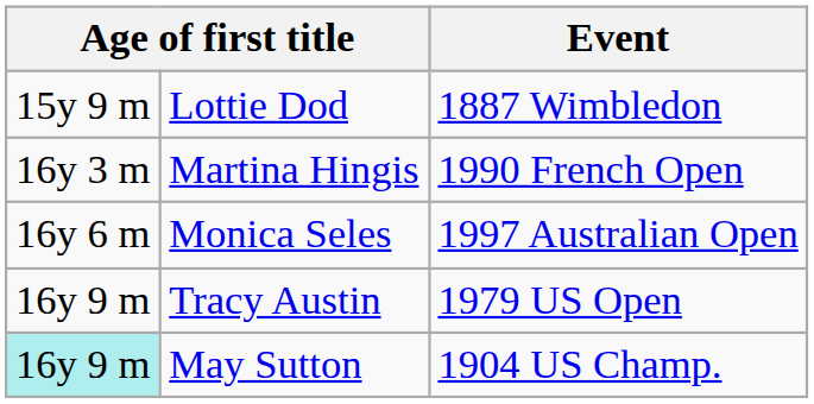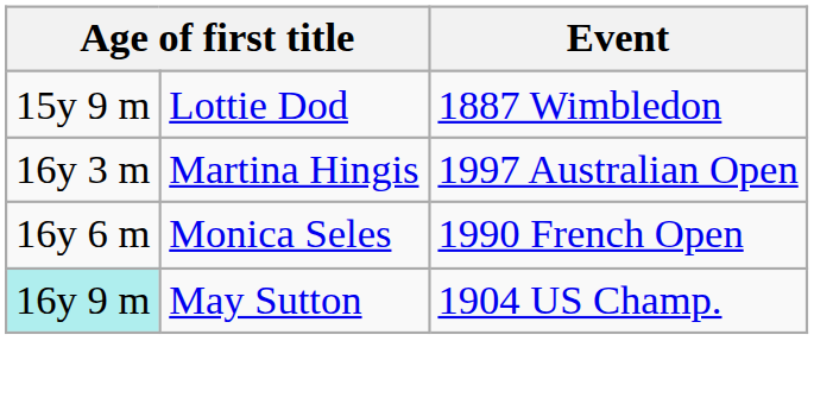 <table class=wikitable style="display:inline-table;">
 <tr>
 <th scope="col" colspan=2>Age of first title</th>
 <th scope="col">Event</th>
 </tr>
 <tr>
 <td>15y 9 m</td>
 <td> <a href='#'>Lottie Dod</a></td>
 <td><a href='#'>1887 Wimbledon</a></td>
 </tr>
 <tr>
 <td>16y 3 m</td>
 <td> <a href='#'>Martina Hingis</a></td>
-<td><a href='#'>1990 French Open</a></td>
+<td><a href='#'>1997 Australian Open</a></td>
 </tr>
 <tr>
 <td>16y 6 m</td>
 <td> <a href='#'>Monica Seles</a></td>
-<td><a href='#'>1997 Australian Open</a></td>
-</tr>
-<tr>
-<td>16y 9 m</td>
-<td> <a href='#'>Tracy Austin</a></td>
-<td><a href='#'>1979 US Open</a></td>
+<td><a href='#'>1990 French Open</a></td>
 </tr>
 <tr>
 <td style="background: paleturquoise;">16y 9 m</td>
 <td> <a href='#'>May Sutton</a></td>
 <td><a href='#'>1904 US Champ.</a></td>
 </tr>
 </table>
